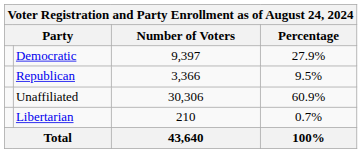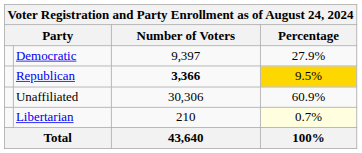 <table class="wikitable">
 <tr>
 <th colspan="6">Voter Registration and Party Enrollment as of August 24, 2024</th>
 </tr>
 <tr>
 <th colspan="2">Party</th>
 <th>Number of Voters</th>
 <th>Percentage</th>
 </tr>
 <tr>
 <td></td>
 <td><a href='#'>Democratic</a></td>
 <td align="center">9,397</td>
 <td align="center">27.9%</td>
 </tr>
 <tr>
 <td></td>
 <td><a href='#'>Republican</a></td>
-<td align="center">3,366</td>
-<td align="center">9.5%</td>
+<td align="center"><strong>3,366</strong></td>
+<td align="center" style="background: gold;">9.5%</td>
 </tr>
 <tr>
 <td></td>
 <td>Unaffiliated</td>
 <td align="center">30,306</td>
 <td align="center">60.9%</td>
 </tr>
 <tr>
 <td></td>
 <td><a href='#'>Libertarian</a></td>
 <td align="center">210</td>
-<td align="center">0.7%</td>
+<td align="center" style="background: lightyellow;">0.7%</td>
 </tr>
 <tr>
 <th colspan="2">Total</th>
 <th align="center">43,640</th>
 <th align="center">100%</th>
 </tr>
 </table>
